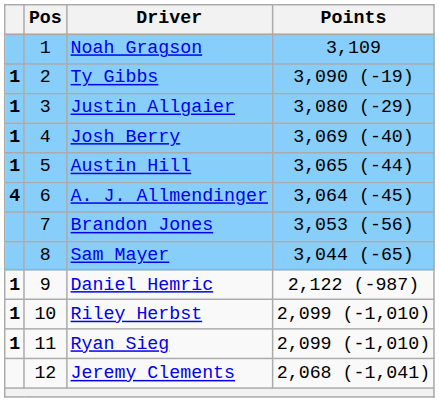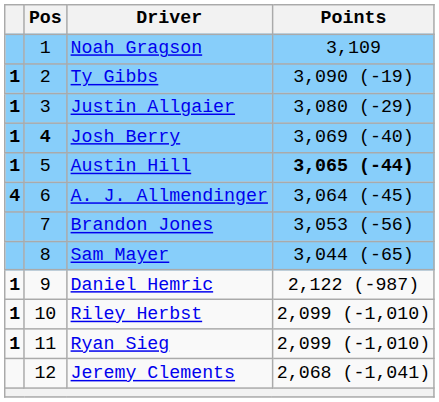 <table class="wikitable" style="font-size: 95%;">
 <tr>
 <th></th>
 <th>Pos</th>
 <th>Driver</th>
 <th>Points</th>
 </tr>
 <tr style="background:#87CEFA;">
 <td align="left"></td>
 <td style="text-align:center;">1</td>
 <td><a href='#'>Noah Gragson</a></td>
 <td style="text-align:center;">3,109</td>
 </tr>
 <tr style="background:#87CEFA;">
 <td align="left"> <strong>1</strong></td>
 <td style="text-align:center;">2</td>
 <td><a href='#'>Ty Gibbs</a></td>
 <td style="text-align:center;">3,090 (-19)</td>
 </tr>
 <tr style="background:#87CEFA;">
 <td align="left"> <strong>1</strong></td>
 <td style="text-align:center;">3</td>
 <td><a href='#'>Justin Allgaier</a></td>
 <td style="text-align:center;">3,080 (-29)</td>
 </tr>
 <tr style="background:#87CEFA;">
 <td align="left"> <strong>1</strong></td>
-<td style="text-align:center;">4</td>
+<td style="text-align:center;"><strong>4</strong></td>
 <td><a href='#'>Josh Berry</a></td>
 <td style="text-align:center;">3,069 (-40)</td>
 </tr>
 <tr style="background:#87CEFA;">
 <td align="left"> <strong>1</strong></td>
 <td style="text-align:center;">5</td>
 <td><a href='#'>Austin Hill</a></td>
-<td style="text-align:center;">3,065 (-44)</td>
+<td style="text-align:center;"><strong>3,065 (-44)</strong></td>
 </tr>
 <tr style="background:#87CEFA;">
 <td align="left"> <strong>4</strong></td>
 <td style="text-align:center;">6</td>
 <td><a href='#'>A. J. Allmendinger</a></td>
 <td style="text-align:center;">3,064 (-45)</td>
 </tr>
 <tr style="background:#87CEFA;">
 <td align="left"></td>
 <td style="text-align:center;">7</td>
 <td><a href='#'>Brandon Jones</a></td>
 <td style="text-align:center;">3,053 (-56)</td>
 </tr>
 <tr style="background:#87CEFA;">
 <td align="left"></td>
 <td style="text-align:center;">8</td>
 <td><a href='#'>Sam Mayer</a></td>
 <td style="text-align:center;">3,044 (-65)</td>
 </tr>
 <tr>
 <td align="left"> <strong>1</strong></td>
 <td style="text-align:center;">9</td>
 <td><a href='#'>Daniel Hemric</a></td>
 <td style="text-align:center;">2,122 (-987)</td>
 </tr>
 <tr>
 <td align="left"> <strong>1</strong></td>
 <td style="text-align:center;">10</td>
 <td><a href='#'>Riley Herbst</a></td>
 <td style="text-align:center;">2,099 (-1,010)</td>
 </tr>
 <tr>
 <td align="left"> <strong>1</strong></td>
 <td style="text-align:center;">11</td>
 <td><a href='#'>Ryan Sieg</a></td>
 <td style="text-align:center;">2,099 (-1,010)</td>
 </tr>
 <tr>
 <td align="left"></td>
 <td style="text-align:center;">12</td>
 <td><a href='#'>Jeremy Clements</a></td>
 <td style="text-align:center;">2,068 (-1,041)</td>
 </tr>
 <tr class="sortbottom">
 <th colspan="9"></th>
 </tr>
 </table>
